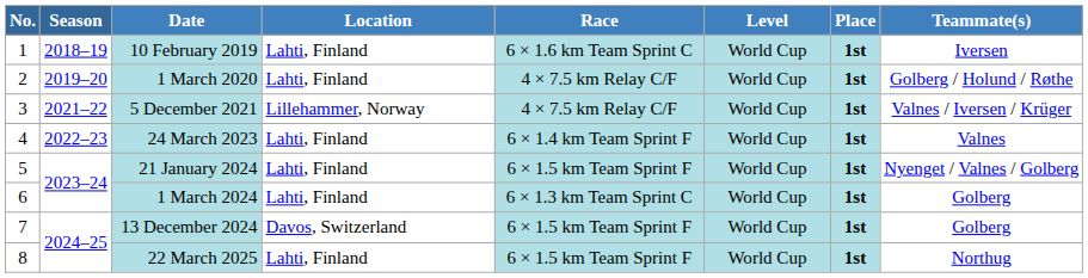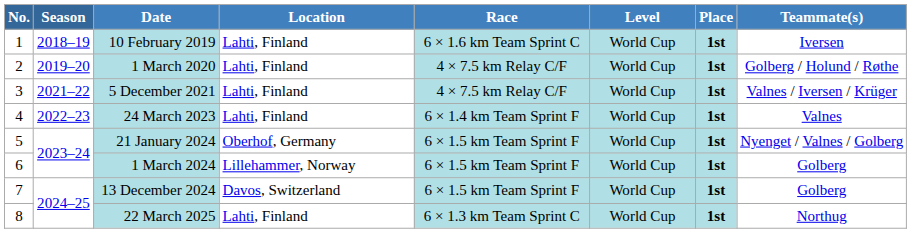 <table class="wikitable sortable" style="font-size:95%; text-align:center; border:grey solid 1px; border-collapse:collapse; background:#ffffff;">
 <tr style="background:#efefef;">
 <th style="background-color:#369; color:white;">No.</th>
 <th style="background-color:#369; color:white;">Season</th>
 <th style="background-color:#4180be; color:white; width:120px;">Date</th>
 <th style="background-color:#4180be; color:white; width:190px;">Location</th>
 <th style="background-color:#4180be; color:white; width:170px;">Race</th>
 <th style="background-color:#4180be; color:white; width:100px;">Level</th>
 <th style="background-color:#4180be; color:white;">Place</th>
 <th style="background-color:#4180be; color:white;">Teammate(s)</th>
 </tr>
 <tr>
 <td align=center>1</td>
 <td rowspan=1 align=center><a href='#'>2018–19</a></td>
 <td bgcolor="#BOEOE6" align=right>10 February 2019</td>
 <td align=left> <a href='#'>Lahti</a>, Finland</td>
 <td bgcolor="#BOEOE6">6 × 1.6 km Team Sprint C</td>
 <td bgcolor="#BOEOE6">World Cup</td>
 <td bgcolor="#BOEOE6"><strong>1st</strong></td>
 <td><a href='#'>Iversen</a></td>
 </tr>
 <tr>
 <td align=center>2</td>
 <td rowspan=1 align=center><a href='#'>2019–20</a></td>
 <td bgcolor="#BOEOE6" align=right>1 March 2020</td>
 <td align=left> <a href='#'>Lahti</a>, Finland</td>
 <td bgcolor="#BOEOE6">4 × 7.5 km Relay C/F</td>
 <td bgcolor="#BOEOE6">World Cup</td>
 <td bgcolor="#BOEOE6"><strong>1st</strong></td>
 <td><a href='#'>Golberg</a> / <a href='#'>Holund</a> / <a href='#'>Røthe</a></td>
 </tr>
 <tr>
 <td align=center>3</td>
 <td align=center><a href='#'>2021–22</a></td>
 <td bgcolor="#BOEOE6" align=right>5 December 2021</td>
-<td align=left> <a href='#'>Lillehammer</a>, Norway</td>
+<td align=left> <a href='#'>Lahti</a>, Finland</td>
 <td bgcolor="#BOEOE6">4 × 7.5 km Relay C/F</td>
 <td bgcolor="#BOEOE6">World Cup</td>
 <td bgcolor="#BOEOE6"><strong>1st</strong></td>
 <td><a href='#'>Valnes</a> / <a href='#'>Iversen</a> / <a href='#'>Krüger</a></td>
 </tr>
 <tr>
 <td align=center>4</td>
 <td align=center><a href='#'>2022–23</a></td>
 <td bgcolor="#BOEOE6" align=right>24 March 2023</td>
 <td align=left> <a href='#'>Lahti</a>, Finland</td>
 <td bgcolor="#BOEOE6">6 × 1.4 km Team Sprint F</td>
 <td bgcolor="#BOEOE6">World Cup</td>
 <td bgcolor="#BOEOE6"><strong>1st</strong></td>
 <td><a href='#'>Valnes</a></td>
 </tr>
 <tr>
 <td align=center>5</td>
 <td rowspan=2 align=center><a href='#'>2023–24</a></td>
 <td bgcolor="#BOEOE6" align=right>21 January 2024</td>
-<td align=left> <a href='#'>Lahti</a>, Finland</td>
+<td align=left> <a href='#'>Oberhof</a>, Germany</td>
 <td bgcolor="#BOEOE6">6 × 1.5 km Team Sprint F</td>
 <td bgcolor="#BOEOE6">World Cup</td>
 <td bgcolor="#BOEOE6"><strong>1st</strong></td>
 <td><a href='#'>Nyenget</a> / <a href='#'>Valnes</a> / <a href='#'>Golberg</a></td>
 </tr>
 <tr>
 <td align=center>6</td>
 <td bgcolor="#BOEOE6" align=right>1 March 2024</td>
-<td align=left> <a href='#'>Lahti</a>, Finland</td>
-<td bgcolor="#BOEOE6">6 × 1.3 km Team Sprint C</td>
+<td align=left> <a href='#'>Lillehammer</a>, Norway</td>
+<td bgcolor="#BOEOE6">6 × 1.5 km Team Sprint F</td>
 <td bgcolor="#BOEOE6">World Cup</td>
 <td bgcolor="#BOEOE6"><strong>1st</strong></td>
 <td><a href='#'>Golberg</a></td>
 </tr>
 <tr>
 <td align=center>7</td>
 <td rowspan=2 align=center><a href='#'>2024–25</a></td>
 <td bgcolor="#BOEOE6" align=right>13 December 2024</td>
 <td align=left> <a href='#'>Davos</a>, Switzerland</td>
 <td bgcolor="#BOEOE6">6 × 1.5 km Team Sprint F</td>
 <td bgcolor="#BOEOE6">World Cup</td>
 <td bgcolor="#BOEOE6"><strong>1st</strong></td>
 <td><a href='#'>Golberg</a></td>
 </tr>
 <tr>
 <td align=center>8</td>
 <td bgcolor="#BOEOE6" align=right>22 March 2025</td>
 <td align=left> <a href='#'>Lahti</a>, Finland</td>
-<td bgcolor="#BOEOE6">6 × 1.5 km Team Sprint F</td>
+<td bgcolor="#BOEOE6">6 × 1.3 km Team Sprint C</td>
 <td bgcolor="#BOEOE6">World Cup</td>
 <td bgcolor="#BOEOE6"><strong>1st</strong></td>
 <td><a href='#'>Northug</a></td>
 </tr>
 </table>
